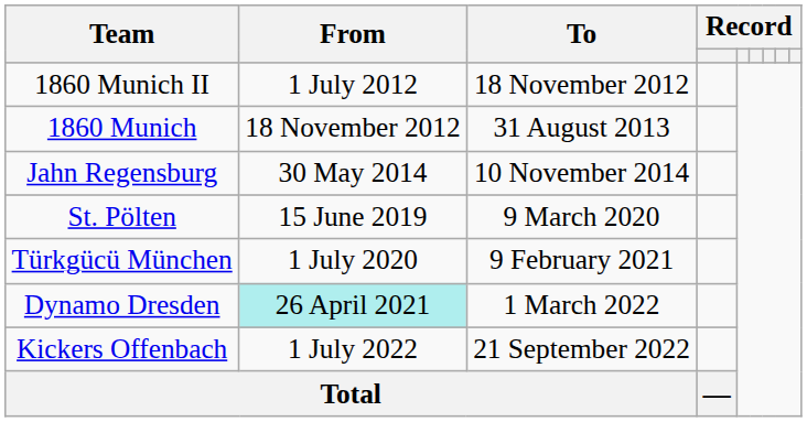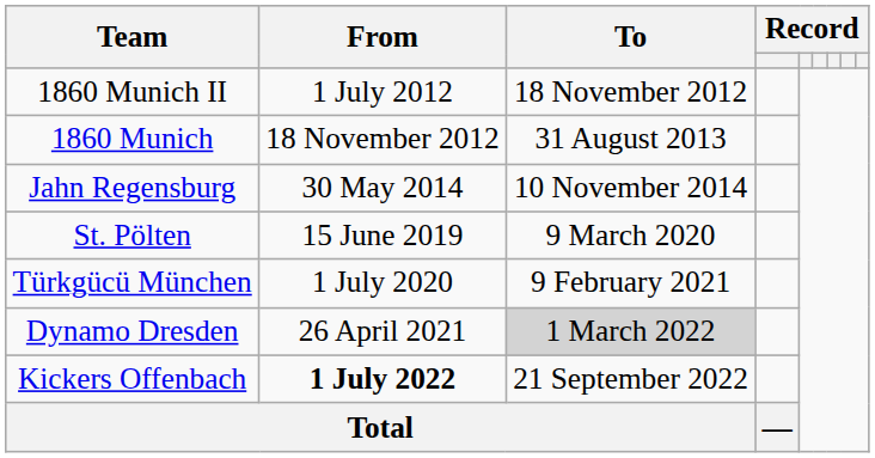 <table class="wikitable" style="text-align: center">
 <tr>
 <th rowspan="2">Team</th>
 <th rowspan="2">From</th>
 <th rowspan="2">To</th>
 <th colspan="6">Record</th>
 </tr>
 <tr>
 <th></th>
 <th></th>
 <th></th>
 <th></th>
 <th></th>
 <th></th>
 </tr>
 <tr>
 <td>1860 Munich II</td>
 <td>1 July 2012</td>
 <td>18 November 2012<br></td>
 <td></td>
 </tr>
 <tr>
 <td><a href='#'>1860 Munich</a></td>
 <td>18 November 2012</td>
 <td>31 August 2013<br></td>
 <td></td>
 </tr>
 <tr>
 <td><a href='#'>Jahn Regensburg</a></td>
 <td>30 May 2014</td>
 <td>10 November 2014<br></td>
 <td></td>
 </tr>
 <tr>
 <td><a href='#'>St. Pölten</a></td>
 <td>15 June 2019</td>
 <td>9 March 2020<br></td>
 <td></td>
 </tr>
 <tr>
 <td><a href='#'>Türkgücü München</a></td>
 <td>1 July 2020</td>
 <td>9 February 2021<br></td>
 <td></td>
 </tr>
 <tr>
 <td><a href='#'>Dynamo Dresden</a></td>
-<td style="background: paleturquoise;">26 April 2021</td>
-<td>1 March 2022<br></td>
+<td>26 April 2021</td>
+<td style="background: lightgrey;">1 March 2022<br></td>
 <td></td>
 </tr>
 <tr>
 <td><a href='#'>Kickers Offenbach</a></td>
-<td>1 July 2022</td>
+<td><strong>1 July 2022</strong></td>
 <td>21 September 2022<br></td>
 <td></td>
 </tr>
 <tr>
 <th colspan="3">Total<br></th>
 <th>—</th>
 </tr>
 </table>
